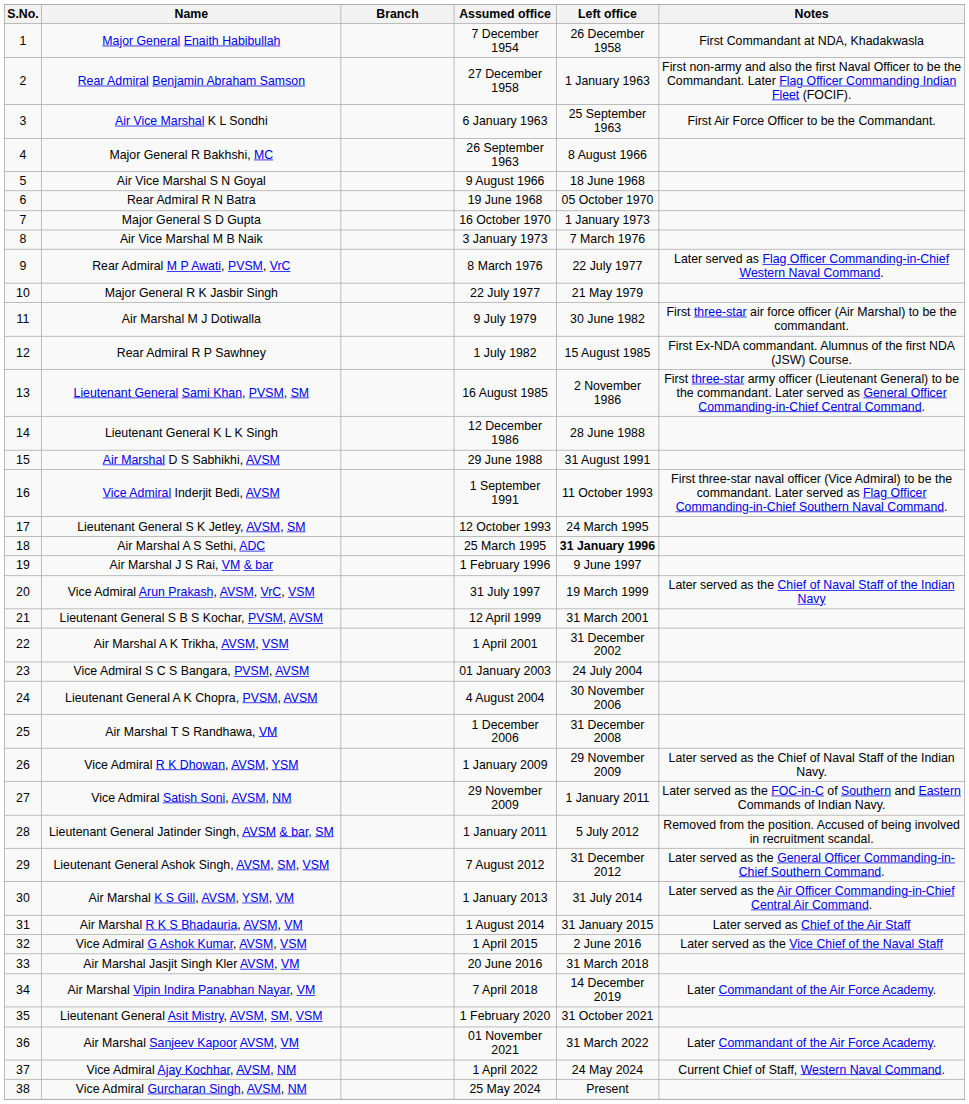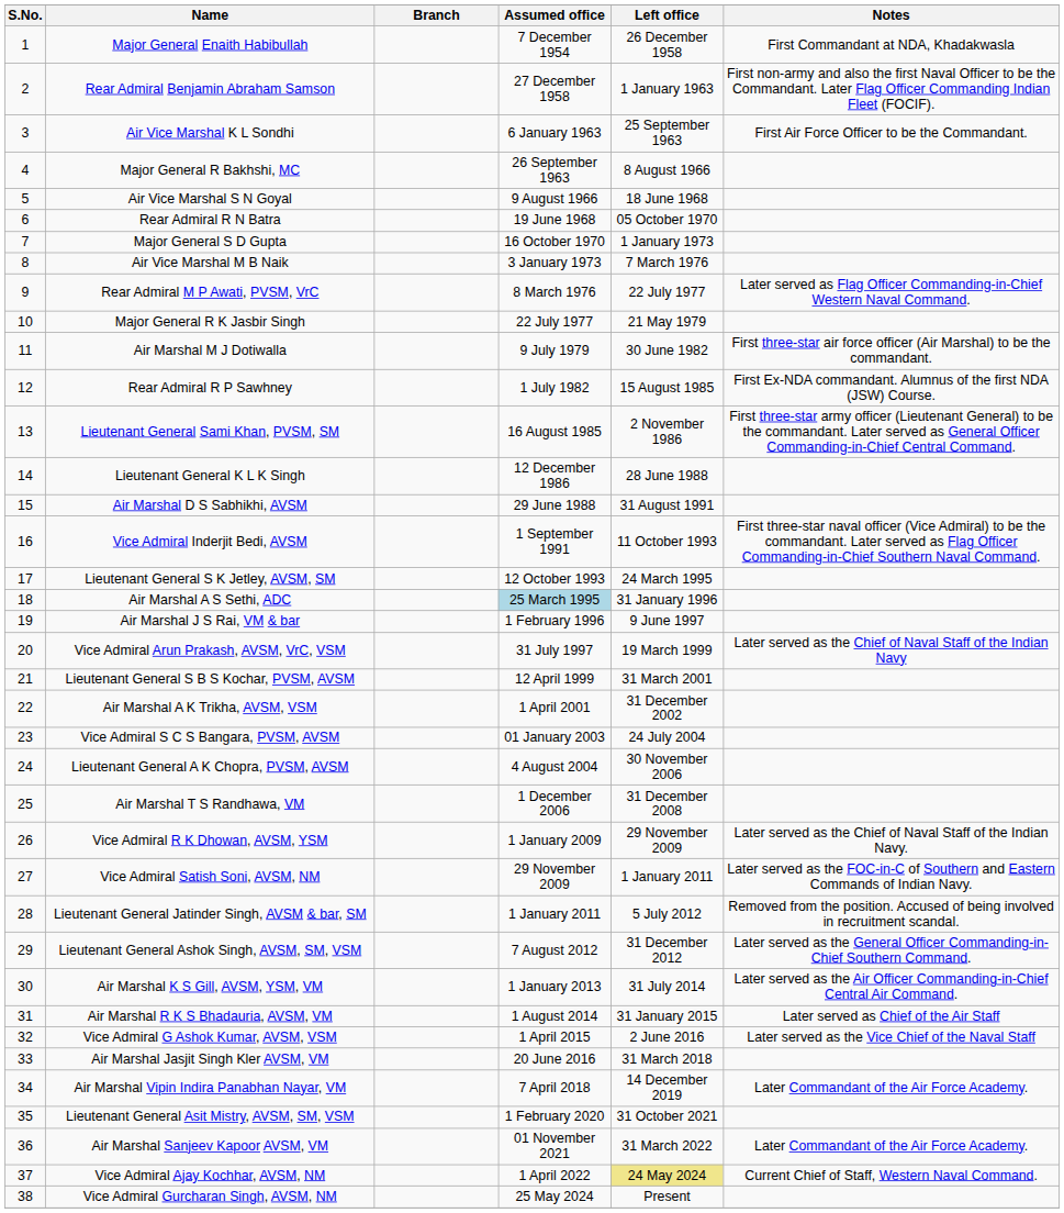 <table class="wikitable sortable" style="text-align:center">
 <tr style="background:#cccccc">
 </tr>
 <tr>
 <th scope="col" style="width: 20px;">S.No.</th>
 <th scope="col" style="width: 600px;">Name</th>
 <th scope="col" style="width: 200px;">Branch</th>
 <th scope="col" style="width: 160px;">Assumed office</th>
 <th scope="col" style="width: 160px;">Left office</th>
 <th scope="col" style="width: 600px;">Notes</th>
 </tr>
 <tr>
 <td>1</td>
 <td><a href='#'>Major General</a> <a href='#'>Enaith Habibullah</a></td>
 <td></td>
 <td>7 December 1954</td>
 <td>26 December 1958</td>
 <td>First Commandant at NDA, Khadakwasla</td>
 </tr>
 <tr>
 <td>2</td>
 <td><a href='#'>Rear Admiral</a> <a href='#'>Benjamin Abraham Samson</a></td>
 <td></td>
 <td>27 December 1958</td>
 <td>1 January 1963</td>
 <td>First non-army and also the first Naval Officer to be the Commandant. Later <a href='#'>Flag Officer Commanding Indian Fleet</a> (FOCIF).</td>
 </tr>
 <tr>
 <td>3</td>
 <td><a href='#'>Air Vice Marshal</a> K L Sondhi</td>
 <td></td>
 <td>6 January 1963</td>
 <td>25 September 1963</td>
 <td>First Air Force Officer to be the Commandant.</td>
 </tr>
 <tr>
 <td>4</td>
 <td>Major General R Bakhshi, <a href='#'>MC</a></td>
 <td></td>
 <td>26 September 1963</td>
 <td>8 August 1966</td>
 <td></td>
 </tr>
 <tr>
 <td>5</td>
 <td>Air Vice Marshal S N Goyal</td>
 <td></td>
 <td>9 August 1966</td>
 <td>18 June 1968</td>
 <td></td>
 </tr>
 <tr>
 <td>6</td>
 <td>Rear Admiral R N Batra</td>
 <td></td>
 <td>19 June 1968</td>
 <td>05 October 1970</td>
 <td></td>
 </tr>
 <tr>
 <td>7</td>
 <td>Major General S D Gupta</td>
 <td></td>
 <td>16 October 1970</td>
 <td>1 January 1973</td>
 <td></td>
 </tr>
 <tr>
 <td>8</td>
 <td>Air Vice Marshal M B Naik</td>
 <td></td>
 <td>3 January 1973</td>
 <td>7 March 1976</td>
 <td></td>
 </tr>
 <tr>
 <td>9</td>
 <td>Rear Admiral <a href='#'>M P Awati</a>, <a href='#'>PVSM</a>, <a href='#'>VrC</a></td>
 <td></td>
 <td>8 March 1976</td>
 <td>22 July 1977</td>
 <td>Later served as <a href='#'>Flag Officer Commanding-in-Chief Western Naval Command</a>.</td>
 </tr>
 <tr>
 <td>10</td>
 <td>Major General R K Jasbir Singh</td>
 <td></td>
 <td>22 July 1977</td>
 <td>21 May 1979</td>
 <td></td>
 </tr>
 <tr>
 <td>11</td>
 <td>Air Marshal M J Dotiwalla</td>
 <td></td>
 <td>9 July 1979</td>
 <td>30 June 1982</td>
 <td>First <a href='#'>three-star</a> air force officer (Air Marshal) to be the commandant.</td>
 </tr>
 <tr>
 <td>12</td>
 <td>Rear Admiral R P Sawhney</td>
 <td></td>
 <td>1 July 1982</td>
 <td>15 August 1985</td>
 <td>First Ex-NDA commandant. Alumnus of the first NDA (JSW) Course.</td>
 </tr>
 <tr>
 <td>13</td>
 <td><a href='#'>Lieutenant General</a> <a href='#'>Sami Khan</a>, <a href='#'>PVSM</a>, <a href='#'>SM</a></td>
 <td></td>
 <td>16 August 1985</td>
 <td>2 November 1986</td>
 <td>First <a href='#'>three-star</a> army officer (Lieutenant General) to be the commandant. Later served as <a href='#'>General Officer Commanding-in-Chief Central Command</a>.</td>
 </tr>
 <tr>
 <td>14</td>
 <td>Lieutenant General K L K Singh</td>
 <td></td>
 <td>12 December 1986</td>
 <td>28 June 1988</td>
 <td></td>
 </tr>
 <tr>
 <td>15</td>
 <td><a href='#'>Air Marshal</a> D S Sabhikhi, <a href='#'>AVSM</a></td>
 <td></td>
 <td>29 June 1988</td>
 <td>31 August 1991</td>
 <td></td>
 </tr>
 <tr>
 <td>16</td>
 <td><a href='#'>Vice Admiral</a> Inderjit Bedi, <a href='#'>AVSM</a></td>
 <td></td>
 <td>1 September 1991</td>
 <td>11 October 1993</td>
 <td>First three-star naval officer (Vice Admiral) to be the commandant. Later served as <a href='#'>Flag Officer Commanding-in-Chief Southern Naval Command</a>.</td>
 </tr>
 <tr>
 <td>17</td>
 <td>Lieutenant General S K Jetley, <a href='#'>AVSM</a>, <a href='#'>SM</a></td>
 <td></td>
 <td>12 October 1993</td>
 <td>24 March 1995</td>
 <td></td>
 </tr>
 <tr>
 <td>18</td>
 <td>Air Marshal A S Sethi, <a href='#'>ADC</a></td>
 <td></td>
-<td>25 March 1995</td>
-<td><strong>31 January 1996</strong></td>
+<td style="background: lightblue;">25 March 1995</td>
+<td>31 January 1996</td>
 <td></td>
 </tr>
 <tr>
 <td>19</td>
 <td>Air Marshal J S Rai, <a href='#'>VM</a> <a href='#'>& bar</a></td>
 <td></td>
 <td>1 February 1996</td>
 <td>9 June 1997</td>
 <td></td>
 </tr>
 <tr>
 <td>20</td>
 <td>Vice Admiral <a href='#'>Arun Prakash</a>, <a href='#'>AVSM</a>, <a href='#'>VrC</a>, <a href='#'>VSM</a></td>
 <td></td>
 <td>31 July 1997</td>
 <td>19 March 1999</td>
 <td>Later served as the <a href='#'>Chief of Naval Staff of the Indian Navy</a></td>
 </tr>
 <tr>
 <td>21</td>
 <td>Lieutenant General S B S Kochar, <a href='#'>PVSM</a>, <a href='#'>AVSM</a></td>
 <td></td>
 <td>12 April 1999</td>
 <td>31 March 2001</td>
 <td></td>
 </tr>
 <tr>
 <td>22</td>
 <td>Air Marshal A K Trikha, <a href='#'>AVSM</a>, <a href='#'>VSM</a></td>
 <td></td>
 <td>1 April 2001</td>
 <td>31 December 2002</td>
 <td></td>
 </tr>
 <tr>
 <td>23</td>
 <td>Vice Admiral S C S Bangara, <a href='#'>PVSM</a>, <a href='#'>AVSM</a></td>
 <td></td>
 <td>01 January 2003</td>
 <td>24 July 2004</td>
 <td></td>
 </tr>
 <tr>
 <td>24</td>
 <td>Lieutenant General A K Chopra, <a href='#'>PVSM</a>, <a href='#'>AVSM</a></td>
 <td></td>
 <td>4 August 2004</td>
 <td>30 November 2006</td>
 <td></td>
 </tr>
 <tr>
 <td>25</td>
 <td>Air Marshal T S Randhawa, <a href='#'>VM</a></td>
 <td></td>
 <td>1 December 2006</td>
 <td>31 December 2008</td>
 <td></td>
 </tr>
 <tr>
 <td>26</td>
 <td>Vice Admiral <a href='#'>R K Dhowan</a>, <a href='#'>AVSM</a>, <a href='#'>YSM</a></td>
 <td></td>
 <td>1 January 2009</td>
 <td>29 November 2009</td>
 <td>Later served as the Chief of Naval Staff of the Indian Navy.</td>
 </tr>
 <tr>
 <td>27</td>
 <td>Vice Admiral <a href='#'>Satish Soni</a>, <a href='#'>AVSM</a>, <a href='#'>NM</a></td>
 <td></td>
 <td>29 November 2009</td>
 <td>1 January 2011</td>
 <td>Later served as the <a href='#'>FOC-in-C</a> of <a href='#'>Southern</a> and <a href='#'>Eastern</a> Commands of Indian Navy.</td>
 </tr>
 <tr>
 <td>28</td>
 <td>Lieutenant General Jatinder Singh, <a href='#'>AVSM</a> <a href='#'>& bar</a>, <a href='#'>SM</a></td>
 <td></td>
 <td>1 January 2011</td>
 <td>5 July 2012</td>
 <td>Removed from the position. Accused of being involved in recruitment scandal.</td>
 </tr>
 <tr>
 <td>29</td>
 <td>Lieutenant General Ashok Singh, <a href='#'>AVSM</a>, <a href='#'>SM</a>, <a href='#'>VSM</a></td>
 <td></td>
 <td>7 August 2012</td>
 <td>31 December 2012</td>
 <td>Later served as the <a href='#'>General Officer Commanding-in-Chief Southern Command</a>.</td>
 </tr>
 <tr>
 <td>30</td>
 <td>Air Marshal <a href='#'>K S Gill</a>, <a href='#'>AVSM</a>, <a href='#'>YSM</a>, <a href='#'>VM</a></td>
 <td></td>
 <td>1 January 2013</td>
 <td>31 July 2014</td>
 <td>Later served as the <a href='#'>Air Officer Commanding-in-Chief Central Air Command</a>.</td>
 </tr>
 <tr>
 <td>31</td>
 <td>Air Marshal <a href='#'>R K S Bhadauria</a>, <a href='#'>AVSM</a>, <a href='#'>VM</a></td>
 <td></td>
 <td>1 August 2014</td>
 <td>31 January 2015</td>
 <td>Later served as <a href='#'>Chief of the Air Staff</a></td>
 </tr>
 <tr>
 <td>32</td>
 <td>Vice Admiral <a href='#'>G Ashok Kumar</a>, <a href='#'>AVSM</a>, <a href='#'>VSM</a></td>
 <td></td>
 <td>1 April 2015</td>
 <td>2 June 2016</td>
 <td>Later served as the <a href='#'>Vice Chief of the Naval Staff</a></td>
 </tr>
 <tr>
 <td>33</td>
 <td>Air Marshal Jasjit Singh Kler <a href='#'>AVSM</a>, <a href='#'>VM</a></td>
 <td></td>
 <td>20 June 2016</td>
 <td>31 March 2018</td>
 <td></td>
 </tr>
 <tr>
 <td>34</td>
 <td>Air Marshal <a href='#'>Vipin Indira Panabhan Nayar</a>, <a href='#'>VM</a></td>
 <td></td>
 <td>7 April 2018</td>
 <td>14 December 2019</td>
 <td>Later <a href='#'>Commandant of the Air Force Academy</a>.</td>
 </tr>
 <tr>
 <td>35</td>
 <td>Lieutenant General <a href='#'>Asit Mistry</a>, <a href='#'>AVSM</a>, <a href='#'>SM</a>, <a href='#'>VSM</a></td>
 <td></td>
 <td>1 February 2020</td>
 <td>31 October 2021</td>
 <td></td>
 </tr>
 <tr>
 <td>36</td>
 <td>Air Marshal <a href='#'>Sanjeev Kapoor</a> <a href='#'>AVSM</a>,  <a href='#'>VM</a></td>
 <td></td>
 <td>01 November 2021</td>
 <td>31 March 2022</td>
 <td>Later <a href='#'>Commandant of the Air Force Academy</a>.</td>
 </tr>
 <tr>
 <td>37</td>
 <td>Vice Admiral <a href='#'>Ajay Kochhar</a>, <a href='#'>AVSM</a>, <a href='#'>NM</a></td>
 <td></td>
 <td>1 April 2022</td>
-<td>24 May 2024</td>
+<td style="background: khaki;">24 May 2024</td>
 <td>Current Chief of Staff, <a href='#'>Western Naval Command</a>.</td>
 </tr>
 <tr>
 <td>38</td>
 <td>Vice Admiral <a href='#'>Gurcharan Singh</a>, <a href='#'>AVSM</a>, <a href='#'>NM</a></td>
 <td></td>
 <td>25 May 2024</td>
 <td>Present</td>
 <td></td>
 </tr>
 <tr>
 </tr>
 </table>
